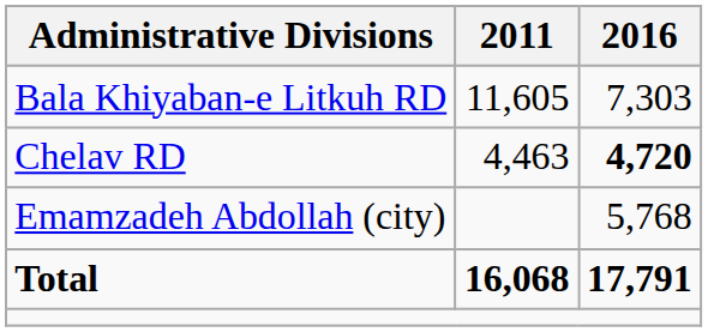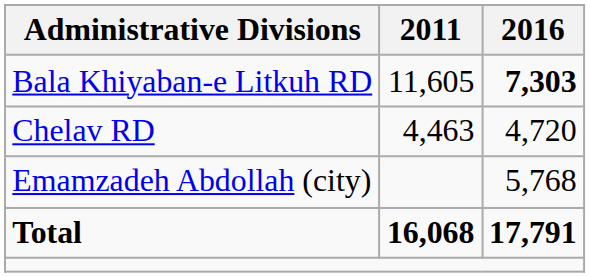 <table class="wikitable">
 <tr>
 <th>Administrative Divisions</th>
 <th>2011</th>
 <th>2016</th>
 </tr>
 <tr>
 <td><a href='#'>Bala Khiyaban-e Litkuh RD</a></td>
 <td style="text-align: right;">11,605</td>
-<td style="text-align: right;">7,303</td>
+<td style="text-align: right;"><strong>7,303</strong></td>
 </tr>
 <tr>
 <td><a href='#'>Chelav RD</a></td>
 <td style="text-align: right;">4,463</td>
-<td style="text-align: right;"><strong>4,720</strong></td>
+<td style="text-align: right;">4,720</td>
 </tr>
 <tr>
 <td><a href='#'>Emamzadeh Abdollah</a> (city)</td>
 <td style="text-align: right;"></td>
 <td style="text-align: right;">5,768</td>
 </tr>
 <tr>
 <td><strong>Total</strong></td>
 <td style="text-align: right;"><strong>16,068</strong></td>
 <td style="text-align: right;"><strong>17,791</strong></td>
 </tr>
 <tr>
 <td colspan=3></td>
 </tr>
 </table>
